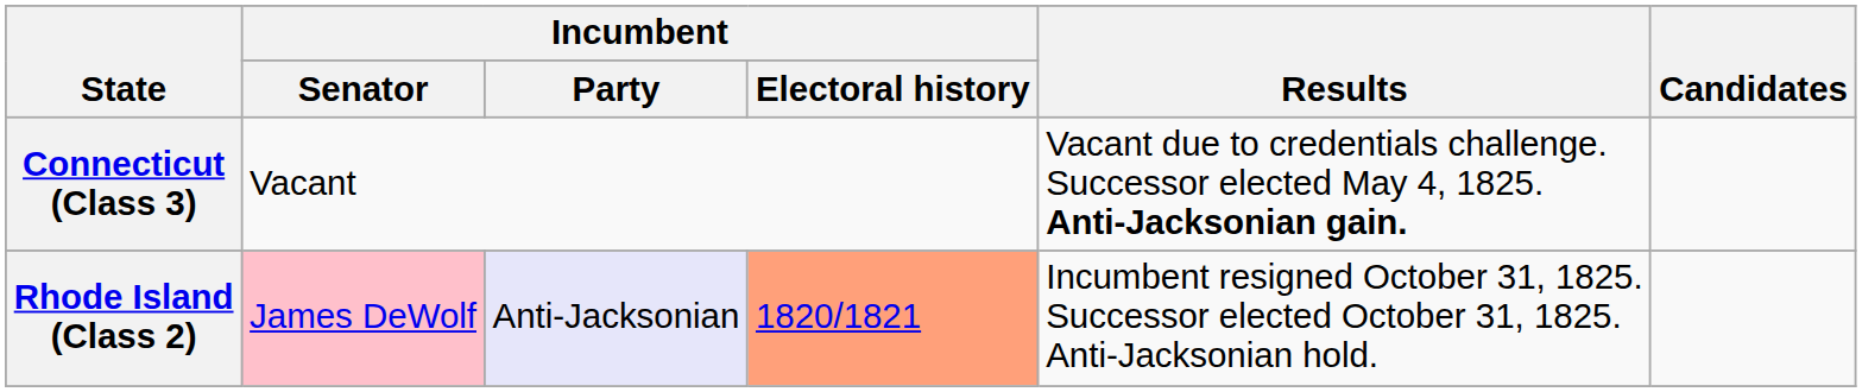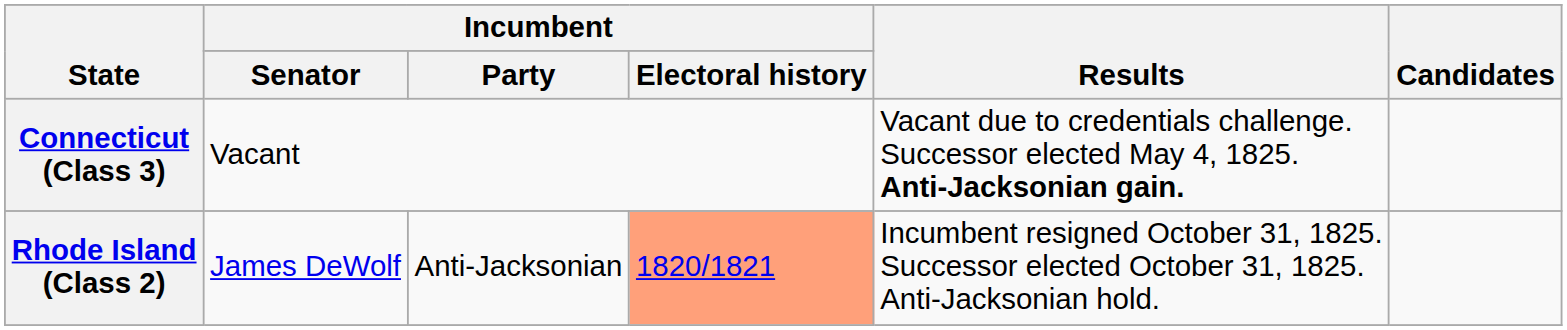 <table class=wikitable>
 <tr valign=bottom>
 <th rowspan=2>State</th>
 <th colspan=3>Incumbent</th>
 <th rowspan=2>Results</th>
 <th rowspan=2>Candidates</th>
 </tr>
 <tr>
 <th>Senator</th>
 <th>Party</th>
 <th>Electoral history</th>
 </tr>
 <tr>
 <th><a href='#'>Connecticut</a><br>(Class 3)</th>
 <td nowrap colspan=3 >Vacant</td>
 <td>Vacant due to credentials challenge.<br>Successor elected May 4, 1825.<br><strong>Anti-Jacksonian gain.</strong></td>
 <td nowrap></td>
 </tr>
 <tr>
 <th><a href='#'>Rhode Island</a><br>(Class 2)</th>
-<td style="background: pink;"><a href='#'>James DeWolf</a></td>
-<td style="background: lavender;">Anti-Jacksonian</td>
+<td><a href='#'>James DeWolf</a></td>
+<td>Anti-Jacksonian</td>
 <td style="background: lightsalmon;"><a href='#'>1820/1821</a></td>
 <td>Incumbent resigned October 31, 1825.<br>Successor elected October 31, 1825.<br>Anti-Jacksonian hold.</td>
 <td nowrap></td>
 </tr>
 </table>
